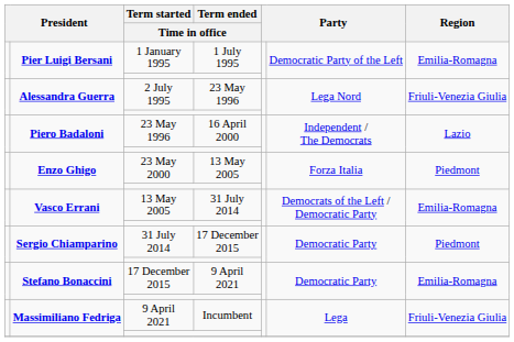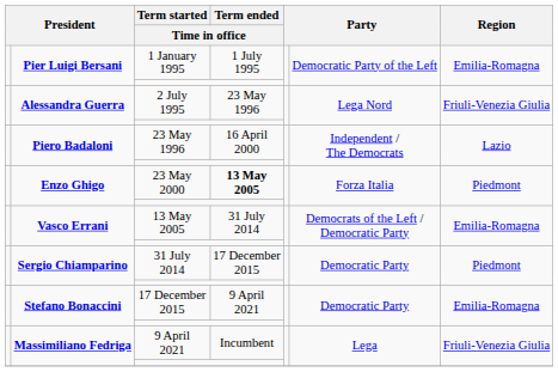 <table class="wikitable" style="text-align:center; font-size:100%;">
 <tr>
 <th rowspan=2 colspan=2>President</th>
 <th>Term started</th>
 <th>Term ended</th>
 <th rowspan=2 colspan=2>Party</th>
 <th rowspan=2>Region</th>
 </tr>
 <tr>
 <th colspan=2>Time in office</th>
 </tr>
 <tr>
 <td rowspan=2></td>
 <td rowspan=2><strong><a href='#'>Pier Luigi Bersani</a></strong><br></td>
 <td>1 January<br>1995</td>
 <td>1 July<br>1995</td>
 <td rowspan=2 style="background:"></td>
 <td rowspan=2><a href='#'>Democratic Party of the Left</a></td>
 <td rowspan=2><a href='#'>Emilia-Romagna</a></td>
 </tr>
 <tr>
 <td colspan=2></td>
 </tr>
 <tr>
 <td rowspan=2></td>
 <td rowspan=2><strong><a href='#'>Alessandra Guerra</a></strong><br></td>
 <td>2 July<br>1995</td>
 <td>23 May<br>1996</td>
 <td rowspan=2 style="background:"></td>
 <td rowspan=2><a href='#'>Lega Nord</a></td>
 <td rowspan=2><a href='#'>Friuli-Venezia Giulia</a></td>
 </tr>
 <tr>
 <td colspan=2></td>
 </tr>
 <tr>
 <td rowspan=2></td>
 <td rowspan=2><strong><a href='#'>Piero Badaloni</a></strong><br></td>
 <td>23 May<br>1996</td>
 <td>16 April<br>2000</td>
 <td rowspan=2 style="background:"></td>
 <td rowspan=2><a href='#'>Independent</a> /<br><a href='#'>The Democrats</a></td>
 <td rowspan=2><a href='#'>Lazio</a></td>
 </tr>
 <tr>
 <td colspan=2></td>
 </tr>
 <tr>
 <td rowspan=2></td>
 <td rowspan=2><strong><a href='#'>Enzo Ghigo</a></strong><br></td>
 <td>23 May<br>2000</td>
-<td>13 May<br>2005</td>
+<td><strong>13 May<br>2005</strong></td>
 <td rowspan=2 style="background:"></td>
 <td rowspan=2><a href='#'>Forza Italia</a></td>
 <td rowspan=2><a href='#'>Piedmont</a></td>
 </tr>
 <tr>
 <td colspan=2></td>
 </tr>
 <tr>
 <td rowspan=2></td>
 <td rowspan=2><strong><a href='#'>Vasco Errani</a></strong><br></td>
 <td>13 May<br>2005</td>
 <td>31 July<br>2014</td>
 <td rowspan=2 style="background:"></td>
 <td rowspan=2><a href='#'>Democrats of the Left</a> /<br><a href='#'>Democratic Party</a></td>
 <td rowspan=2><a href='#'>Emilia-Romagna</a></td>
 </tr>
 <tr>
 <td colspan=2></td>
 </tr>
 <tr>
 <td rowspan=2></td>
 <td rowspan=2><strong><a href='#'>Sergio Chiamparino</a></strong><br></td>
 <td>31 July<br>2014</td>
 <td>17 December<br>2015</td>
 <td rowspan=2 style="background:"></td>
 <td rowspan=2><a href='#'>Democratic Party</a></td>
 <td rowspan=2><a href='#'>Piedmont</a></td>
 </tr>
 <tr>
 <td colspan=2></td>
 </tr>
 <tr>
 <td rowspan=2></td>
 <td rowspan=2><strong><a href='#'>Stefano Bonaccini</a></strong><br></td>
 <td>17 December<br>2015</td>
 <td>9 April<br>2021</td>
 <td rowspan=2 style="background:"></td>
 <td rowspan=2><a href='#'>Democratic Party</a></td>
 <td rowspan=2><a href='#'>Emilia-Romagna</a></td>
 </tr>
 <tr>
 <td colspan=2></td>
 </tr>
 <tr>
 <td rowspan=2></td>
 <td rowspan=2><strong><a href='#'>Massimiliano Fedriga</a></strong><br></td>
 <td>9 April<br>2021</td>
 <td>Incumbent</td>
 <td rowspan=2 style="background:"></td>
 <td rowspan=2><a href='#'>Lega</a></td>
 <td rowspan=2><a href='#'>Friuli-Venezia Giulia</a></td>
 </tr>
 <tr>
 <td colspan=2></td>
 </tr>
 <tr>
 </tr>
 </table>
